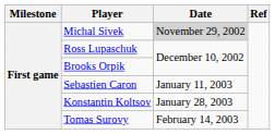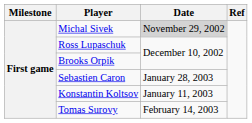 <table class="wikitable">
 <tr>
 <th scope="col">Milestone</th>
 <th scope="col">Player</th>
 <th scope="col">Date</th>
 <th scope="col">Ref</th>
 </tr>
 <tr>
 <th rowspan=6>First game</th>
 <td><a href='#'>Michal Sivek</a></td>
 <td style="background: lightgrey;">November 29, 2002</td>
 <td rowspan=6></td>
 </tr>
 <tr>
 <td><a href='#'>Ross Lupaschuk</a></td>
 <td rowspan=2>December 10, 2002</td>
 </tr>
 <tr>
 <td><a href='#'>Brooks Orpik</a></td>
 </tr>
 <tr>
 <td><a href='#'>Sebastien Caron</a></td>
-<td>January 11, 2003</td>
+<td>January 28, 2003</td>
 </tr>
 <tr>
 <td><a href='#'>Konstantin Koltsov</a></td>
-<td>January 28, 2003</td>
+<td>January 11, 2003</td>
 </tr>
 <tr>
 <td><a href='#'>Tomas Surovy</a></td>
 <td>February 14, 2003</td>
 </tr>
 </table>
